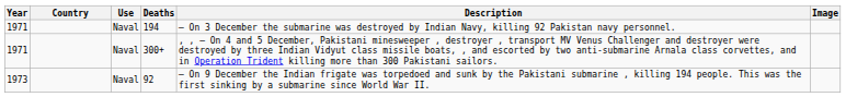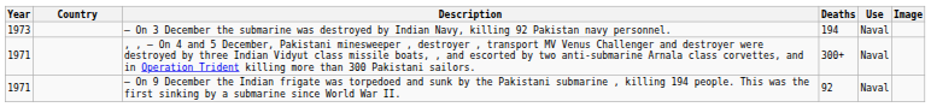 <table class="wikitable sortable" style="display: inline-table">
 <tr>
 <th data-sort-type="number">Year</th>
 <th width="115px">Country</th>
+<th class="unsortable">Description</th>
+<th data-sort-type="number">Deaths</th>
 <th>Use</th>
-<th data-sort-type="number">Deaths</th>
-<th class="unsortable">Description</th>
 <th class="unsortable">Image</th>
 </tr>
 <tr>
-<td>1971</td>
+<td>1973</td>
 <td></td>
+<td> – On 3 December the submarine was destroyed by Indian Navy, killing 92 Pakistan navy personnel.</td>
+<td>194</td>
 <td>Naval</td>
-<td>194</td>
-<td> – On 3 December the submarine was destroyed by Indian Navy, killing 92 Pakistan navy personnel.</td>
 <td></td>
 </tr>
 <tr>
 <td>1971</td>
 <td></td>
+<td>, ,  – On 4 and 5 December, Pakistani minesweeper , destroyer , transport MV Venus Challenger and destroyer  were destroyed by three Indian Vidyut class missile boats, ,  and  escorted by two anti-submarine Arnala class corvettes,  and  in <a href='#'>Operation Trident</a> killing more than 300 Pakistani sailors.</td>
+<td>300+</td>
 <td>Naval</td>
-<td>300+</td>
-<td>, ,  – On 4 and 5 December, Pakistani minesweeper , destroyer , transport MV Venus Challenger and destroyer  were destroyed by three Indian Vidyut class missile boats, ,  and  escorted by two anti-submarine Arnala class corvettes,  and  in <a href='#'>Operation Trident</a> killing more than 300 Pakistani sailors.</td>
 <td></td>
 </tr>
 <tr>
-<td>1973</td>
+<td>1971</td>
 <td></td>
+<td> – On 9 December the Indian frigate was torpedoed and sunk by the Pakistani submarine , killing 194 people. This was the first sinking by a submarine since World War II.</td>
+<td>92</td>
 <td>Naval</td>
-<td>92</td>
-<td> – On 9 December the Indian frigate was torpedoed and sunk by the Pakistani submarine , killing 194 people. This was the first sinking by a submarine since World War II.</td>
 <td></td>
 </tr>
 </table>
